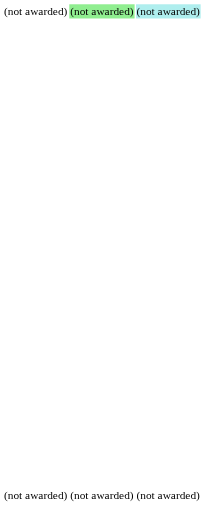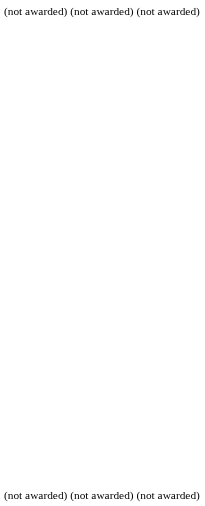 <table>
 <tr>
 <td><br></td>
 <td></td>
 <td></td>
 <td></td>
 </tr>
 <tr>
 <td><br></td>
 <td></td>
 <td></td>
 <td></td>
 </tr>
 <tr>
 <td><br></td>
 <td></td>
 <td></td>
 <td></td>
 </tr>
 <tr>
 <td><br></td>
 <td>(not awarded)</td>
-<td style="background: lightgreen;">(not awarded)</td>
-<td style="background: paleturquoise;">(not awarded)</td>
+<td>(not awarded)</td>
+<td>(not awarded)</td>
 </tr>
 <tr>
 <td><br></td>
 <td></td>
 <td></td>
 <td></td>
 </tr>
 <tr>
 <td><br></td>
 <td></td>
 <td></td>
 <td></td>
 </tr>
 <tr>
 <td><br></td>
 <td></td>
 <td></td>
 <td></td>
 </tr>
 <tr>
 <td><br></td>
 <td></td>
 <td></td>
 <td></td>
 </tr>
 <tr>
 <td><br></td>
 <td></td>
 <td></td>
 <td></td>
 </tr>
 <tr>
 <td><br></td>
 <td></td>
 <td></td>
 <td></td>
 </tr>
 <tr>
 <td><br></td>
 <td></td>
 <td></td>
 <td></td>
 </tr>
 <tr>
 <td><br></td>
 <td></td>
 <td></td>
 <td></td>
 </tr>
 <tr>
 <td><br></td>
 <td></td>
 <td></td>
 <td></td>
 </tr>
 <tr>
 <td><br></td>
 <td></td>
 <td></td>
 <td></td>
 </tr>
 <tr>
 <td><br></td>
 <td></td>
 <td></td>
 <td></td>
 </tr>
 <tr>
 <td><br></td>
 <td></td>
 <td></td>
 <td></td>
 </tr>
 <tr>
 <td><br></td>
 <td></td>
 <td></td>
 <td></td>
 </tr>
 <tr>
 <td><br></td>
 <td></td>
 <td></td>
 <td></td>
 </tr>
 <tr>
 <td><br></td>
 <td></td>
 <td></td>
 <td></td>
 </tr>
 <tr>
 <td><br></td>
 <td></td>
 <td></td>
 <td></td>
 </tr>
 <tr>
 <td><br></td>
 <td></td>
 <td></td>
 <td></td>
 </tr>
 <tr>
 <td><br></td>
 <td></td>
 <td></td>
 <td></td>
 </tr>
 <tr>
 <td><br></td>
 <td></td>
 <td></td>
 <td></td>
 </tr>
 <tr>
 <td><br></td>
 <td></td>
 <td></td>
 <td></td>
 </tr>
 <tr>
 <td><br></td>
 <td></td>
 <td></td>
 <td></td>
 </tr>
 <tr>
 <td><br></td>
 <td></td>
 <td></td>
 <td></td>
 </tr>
 <tr>
 <td><br></td>
 <td></td>
 <td></td>
 <td></td>
 </tr>
 <tr>
 <td><br></td>
 <td></td>
 <td></td>
 <td></td>
 </tr>
 <tr>
 <td><br></td>
 <td></td>
 <td></td>
 <td></td>
 </tr>
 <tr>
 <td><br></td>
 <td></td>
 <td></td>
 <td></td>
 </tr>
 <tr>
 <td><br></td>
 <td></td>
 <td></td>
 <td></td>
 </tr>
 <tr>
 <td><br></td>
 <td></td>
 <td></td>
 <td></td>
 </tr>
 <tr>
 <td><br></td>
 <td></td>
 <td></td>
 <td></td>
 </tr>
 <tr>
 <td><br></td>
 <td></td>
 <td></td>
 <td></td>
 </tr>
 <tr>
 <td><br></td>
 <td>(not awarded)</td>
 <td>(not awarded)</td>
 <td>(not awarded)</td>
 </tr>
 <tr>
 <td><br></td>
 <td></td>
 <td></td>
 <td></td>
 </tr>
 <tr>
 <td><br></td>
 <td></td>
 <td></td>
 <td></td>
 </tr>
 <tr>
 <td><br></td>
 <td></td>
 <td></td>
 <td></td>
 </tr>
 <tr>
 <td><br></td>
 <td></td>
 <td></td>
 <td></td>
 </tr>
 </table>
